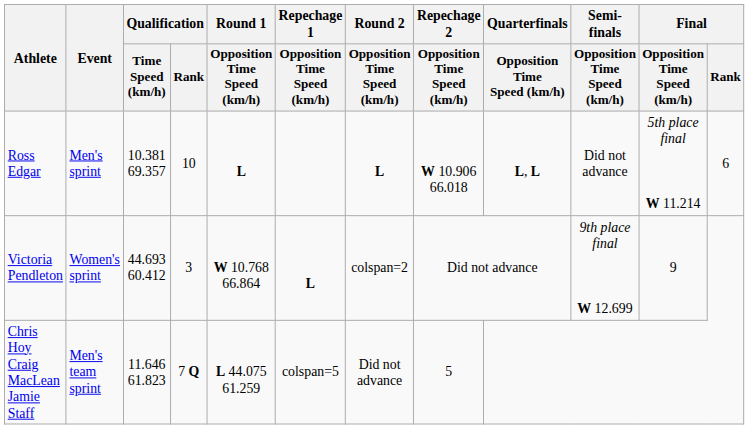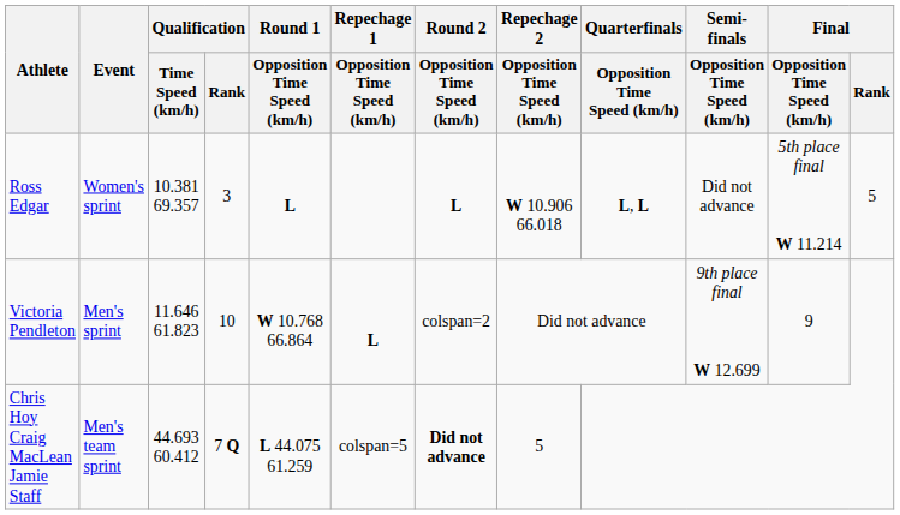 <table class="wikitable" style="font-size:90%">
 <tr>
 <th rowspan="2">Athlete</th>
 <th rowspan="2">Event</th>
 <th colspan=2>Qualification</th>
 <th>Round 1</th>
 <th>Repechage 1</th>
 <th>Round 2</th>
 <th>Repechage 2</th>
 <th>Quarterfinals</th>
 <th>Semi-finals</th>
 <th colspan=2>Final</th>
 </tr>
 <tr style="font-size:95%">
 <th>Time<br>Speed (km/h)</th>
 <th>Rank</th>
 <th>Opposition<br>Time<br>Speed (km/h)</th>
 <th>Opposition<br>Time<br>Speed (km/h)</th>
 <th>Opposition<br>Time<br>Speed (km/h)</th>
 <th>Opposition<br>Time<br>Speed (km/h)</th>
 <th>Opposition<br>Time<br>Speed (km/h)</th>
 <th>Opposition<br>Time<br>Speed (km/h)</th>
 <th>Opposition<br>Time<br>Speed (km/h)</th>
 <th>Rank</th>
 </tr>
 <tr align=center>
 <td align=left><a href='#'>Ross Edgar</a></td>
-<td align=left><a href='#'>Men's sprint</a></td>
+<td align=left><a href='#'>Women's sprint</a></td>
 <td>10.381<br>69.357</td>
-<td>10</td>
+<td>3</td>
 <td><br><strong>L</strong></td>
 <td></td>
 <td><br><strong>L</strong></td>
 <td><br><br><strong>W</strong> 10.906<br>66.018</td>
 <td><br><strong>L</strong>, <strong>L</strong></td>
 <td>Did not advance</td>
 <td><em>5th place final</em><br><br><br><br><strong>W</strong> 11.214</td>
-<td>6</td>
+<td>5</td>
 </tr>
 <tr align=center>
 <td align=left><a href='#'>Victoria Pendleton</a></td>
-<td align=left><a href='#'>Women's sprint</a></td>
-<td>44.693<br>60.412</td>
-<td>3</td>
+<td align=left><a href='#'>Men's sprint</a></td>
+<td>11.646<br>61.823</td>
+<td>10</td>
 <td><br><strong>W</strong> 10.768<br>66.864</td>
 <td><br><br><strong>L</strong></td>
 <td>colspan=2 </td>
 <td colspan=2>Did not advance</td>
 <td><em>9th place final</em><br><br><br><br><strong>W</strong> 12.699</td>
 <td>9</td>
 </tr>
 <tr align=center>
 <td align=left><a href='#'>Chris Hoy</a><br><a href='#'>Craig MacLean</a><br><a href='#'>Jamie Staff</a></td>
 <td align=left><a href='#'>Men's team sprint</a></td>
-<td>11.646<br>61.823</td>
+<td>44.693<br>60.412</td>
 <td>7 <strong>Q</strong></td>
 <td><br><strong>L</strong> 44.075<br>61.259</td>
 <td>colspan=5 </td>
-<td>Did not advance</td>
+<td><strong>Did not advance</strong></td>
 <td>5</td>
 </tr>
 </table>
